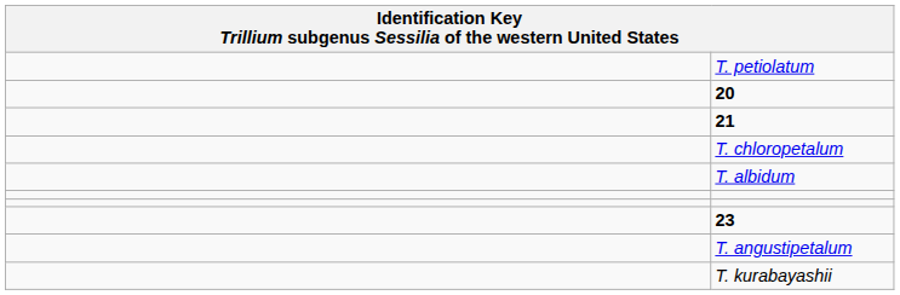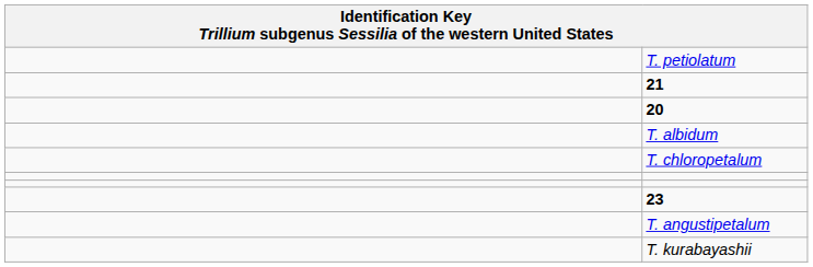 <table class="wikitable">
 <tr>
 <th colspan="2">Identification Key<br><em>Trillium</em> subgenus <em>Sessilia</em> of the western United States</th>
 </tr>
 <tr>
 <td style="vertical-align: top; text-align: left; width: 40em;"></td>
 <td style="vertical-align: top; text-align: left; width: 10em; white-space: nowrap;"><a href='#'><em>T. petiolatum</em></a></td>
 </tr>
 <tr>
 <td style="vertical-align: top; text-align: left; width: 40em;"></td>
+<td style="vertical-align: top; text-align: left; width: 10em; white-space: nowrap;"><strong>21</strong></td>
+</tr>
+<tr>
+<td style="vertical-align: top; text-align: left; width: 40em;"></td>
 <td style="vertical-align: top; text-align: left; width: 10em; white-space: nowrap;"><strong>20</strong></td>
 </tr>
 <tr>
 <td style="vertical-align: top; text-align: left; width: 40em;"></td>
-<td style="vertical-align: top; text-align: left; width: 10em; white-space: nowrap;"><strong>21</strong></td>
+<td style="vertical-align: top; text-align: left; width: 10em; white-space: nowrap;"><a href='#'><em>T. albidum</em></a></td>
 </tr>
 <tr>
 <td style="vertical-align: top; text-align: left; width: 40em;"></td>
 <td style="vertical-align: top; text-align: left; width: 10em; white-space: nowrap;"><a href='#'><em>T. chloropetalum</em></a></td>
-</tr>
-<tr>
-<td style="vertical-align: top; text-align: left; width: 40em;"></td>
-<td style="vertical-align: top; text-align: left; width: 10em; white-space: nowrap;"><a href='#'><em>T. albidum</em></a></td>
 </tr>
 <tr>
 <td style="vertical-align: top; text-align: left; width: 40em;"></td>
 <td style="vertical-align: top; text-align: left; width: 10em; white-space: nowrap;"></td>
 </tr>
 <tr>
 <td style="vertical-align: top; text-align: left; width: 40em;"></td>
 <td style="vertical-align: top; text-align: left; width: 10em; white-space: nowrap;"></td>
 </tr>
 <tr>
 <td style="vertical-align: top; text-align: left; width: 40em;"></td>
 <td style="vertical-align: top; text-align: left; width: 10em; white-space: nowrap;"><strong>23</strong></td>
 </tr>
 <tr>
 <td style="vertical-align: top; text-align: left; width: 40em;"></td>
 <td style="vertical-align: top; text-align: left; width: 10em; white-space: nowrap;"><a href='#'><em>T. angustipetalum</em></a></td>
 </tr>
 <tr>
 <td style="vertical-align: top; text-align: left; width: 40em;"></td>
 <td style="vertical-align: top; text-align: left; width: 10em; white-space: nowrap;"><em>T. kurabayashii</em></td>
 </tr>
 </table>
